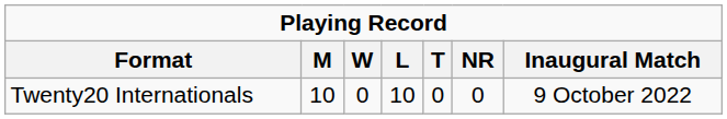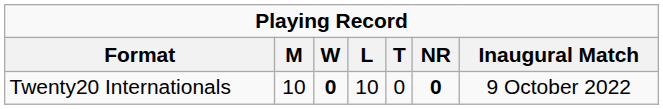 <table class="wikitable" style="text-align: center; width: 500px;">
 <tr>
 <td colspan=7 align="center"><strong>Playing Record</strong></td>
 </tr>
 <tr>
 <th>Format</th>
 <th>M</th>
 <th>W</th>
 <th>L</th>
 <th>T</th>
 <th>NR</th>
 <th>Inaugural Match</th>
 </tr>
 <tr>
 <td align="left">Twenty20 Internationals</td>
 <td>10</td>
-<td>0</td>
+<td><strong>0</strong></td>
 <td>10</td>
 <td>0</td>
-<td>0</td>
+<td><strong>0</strong></td>
 <td>9 October 2022</td>
 </tr>
 </table>
